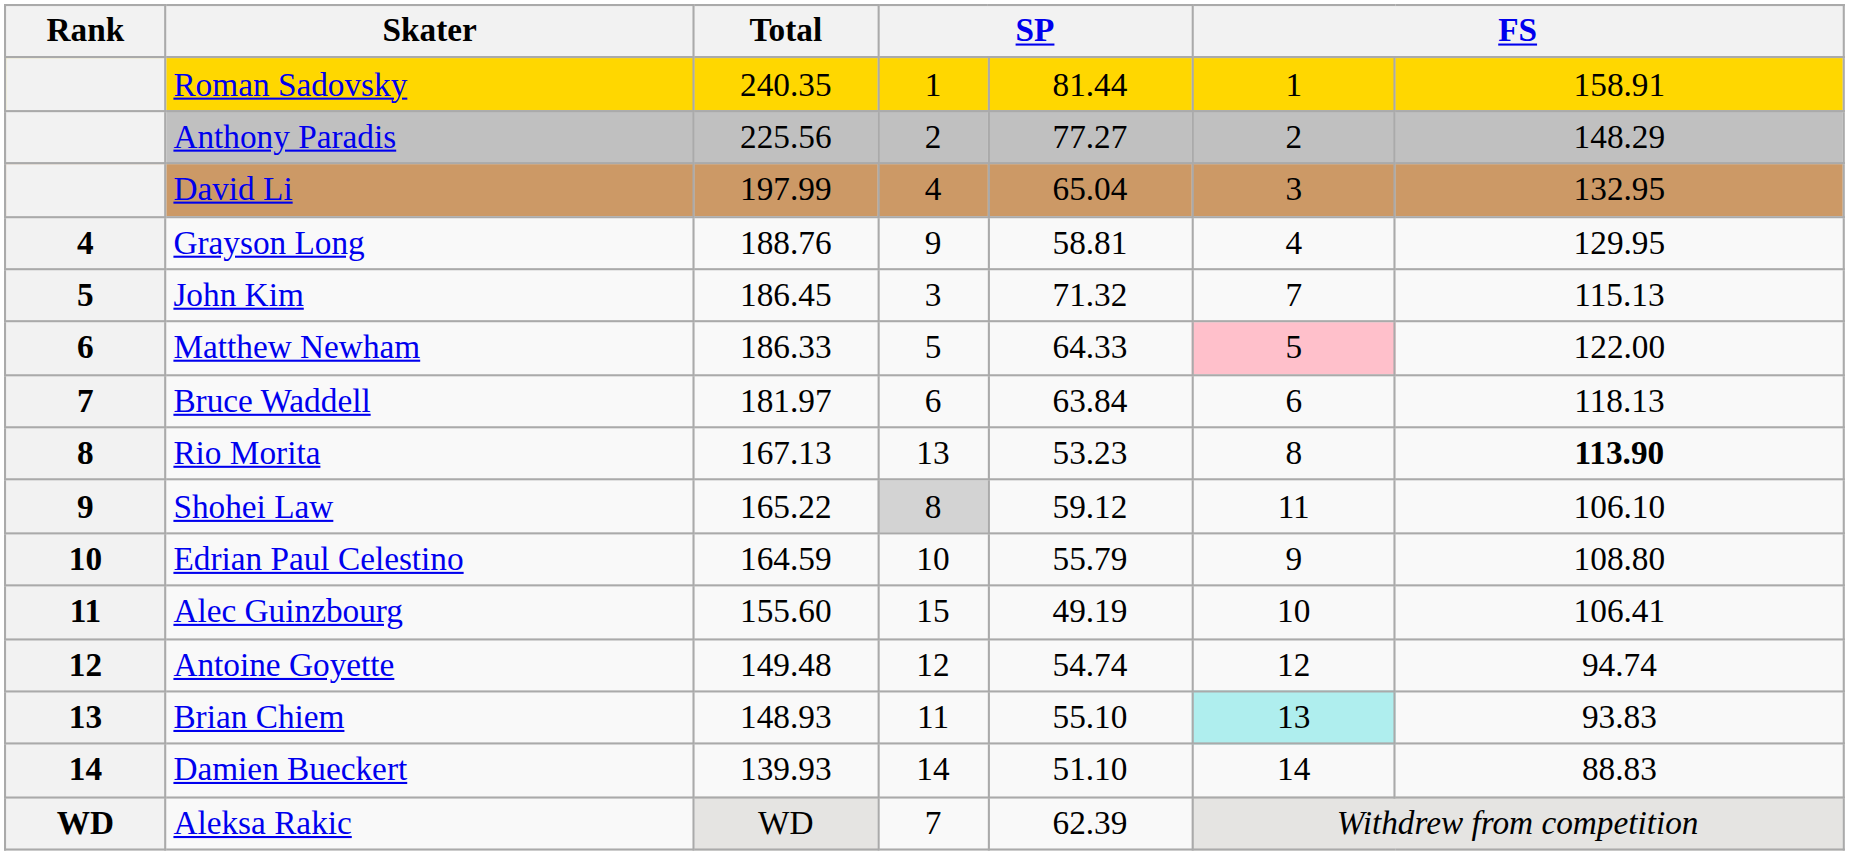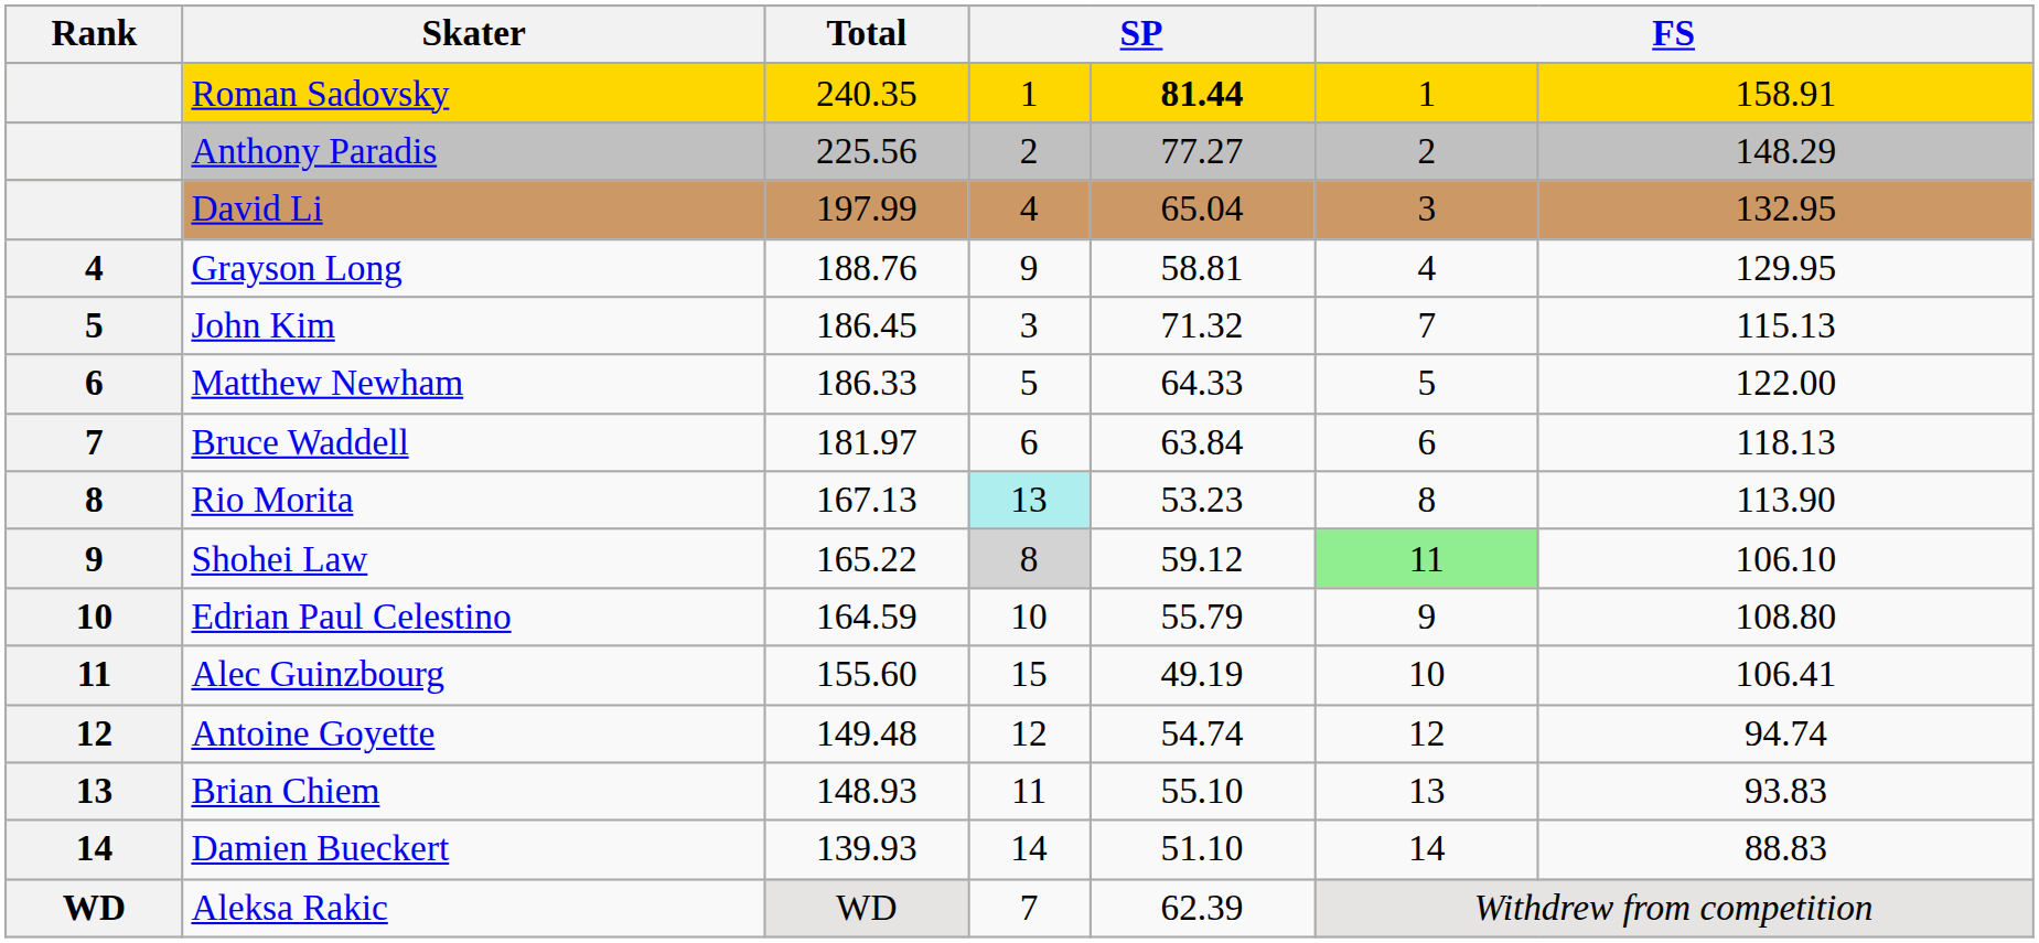 <table class="wikitable sortable" style="text-align:center; width:70%">
 <tr>
 <th scope="col">Rank</th>
 <th scope="col">Skater</th>
 <th scope="col">Total</th>
 <th scope="col" colspan="2" width="80px"><a href='#'>SP</a></th>
 <th scope="col" colspan="2" width="80px"><a href='#'>FS</a></th>
 </tr>
 <tr bgcolor="gold">
 <th scope="row"></th>
 <td align="left"><a href='#'>Roman Sadovsky</a></td>
 <td>240.35</td>
 <td>1</td>
-<td>81.44</td>
+<td><strong>81.44</strong></td>
 <td>1</td>
 <td>158.91</td>
 </tr>
 <tr bgcolor="silver">
 <th scope="row"></th>
 <td align="left"><a href='#'>Anthony Paradis</a></td>
 <td>225.56</td>
 <td>2</td>
 <td>77.27</td>
 <td>2</td>
 <td>148.29</td>
 </tr>
 <tr bgcolor="cc9966">
 <th scope="row"></th>
 <td align="left"><a href='#'>David Li</a></td>
 <td>197.99</td>
 <td>4</td>
 <td>65.04</td>
 <td>3</td>
 <td>132.95</td>
 </tr>
 <tr>
 <th scope="row">4</th>
 <td align="left"><a href='#'>Grayson Long</a></td>
 <td>188.76</td>
 <td>9</td>
 <td>58.81</td>
 <td>4</td>
 <td>129.95</td>
 </tr>
 <tr>
 <th scope="row">5</th>
 <td align="left"><a href='#'>John Kim</a></td>
 <td>186.45</td>
 <td>3</td>
 <td>71.32</td>
 <td>7</td>
 <td>115.13</td>
 </tr>
 <tr>
 <th scope="row">6</th>
 <td align="left"><a href='#'>Matthew Newham</a></td>
 <td>186.33</td>
 <td>5</td>
 <td>64.33</td>
-<td style="background: pink;">5</td>
+<td>5</td>
 <td>122.00</td>
 </tr>
 <tr>
 <th scope="row">7</th>
 <td align="left"><a href='#'>Bruce Waddell</a></td>
 <td>181.97</td>
 <td>6</td>
 <td>63.84</td>
 <td>6</td>
 <td>118.13</td>
 </tr>
 <tr>
 <th scope="row">8</th>
 <td align="left"><a href='#'>Rio Morita</a></td>
 <td>167.13</td>
-<td>13</td>
+<td style="background: paleturquoise;">13</td>
 <td>53.23</td>
 <td>8</td>
-<td><strong>113.90</strong></td>
+<td>113.90</td>
 </tr>
 <tr>
 <th scope="row">9</th>
 <td align="left"><a href='#'>Shohei Law</a></td>
 <td>165.22</td>
 <td style="background: lightgrey;">8</td>
 <td>59.12</td>
-<td>11</td>
+<td style="background: lightgreen;">11</td>
 <td>106.10</td>
 </tr>
 <tr>
 <th scope="row">10</th>
 <td align="left"><a href='#'>Edrian Paul Celestino</a></td>
 <td>164.59</td>
 <td>10</td>
 <td>55.79</td>
 <td>9</td>
 <td>108.80</td>
 </tr>
 <tr>
 <th scope="row">11</th>
 <td align="left"><a href='#'>Alec Guinzbourg</a></td>
 <td>155.60</td>
 <td>15</td>
 <td>49.19</td>
 <td>10</td>
 <td>106.41</td>
 </tr>
 <tr>
 <th scope="row">12</th>
 <td align="left"><a href='#'>Antoine Goyette</a></td>
 <td>149.48</td>
 <td>12</td>
 <td>54.74</td>
 <td>12</td>
 <td>94.74</td>
 </tr>
 <tr>
 <th scope="row">13</th>
 <td align="left"><a href='#'>Brian Chiem</a></td>
 <td>148.93</td>
 <td>11</td>
 <td>55.10</td>
-<td style="background: paleturquoise;">13</td>
+<td>13</td>
 <td>93.83</td>
 </tr>
 <tr>
 <th scope="row">14</th>
 <td align="left"><a href='#'>Damien Bueckert</a></td>
 <td>139.93</td>
 <td>14</td>
 <td>51.10</td>
 <td>14</td>
 <td>88.83</td>
 </tr>
 <tr>
 <th scope="row">WD</th>
 <td align="left"><a href='#'>Aleksa Rakic</a></td>
 <td bgcolor="e5e4e2">WD</td>
 <td>7</td>
 <td>62.39</td>
 <td colspan=2 bgcolor="e5e4e2"><em>Withdrew from competition</em></td>
 </tr>
 </table>
